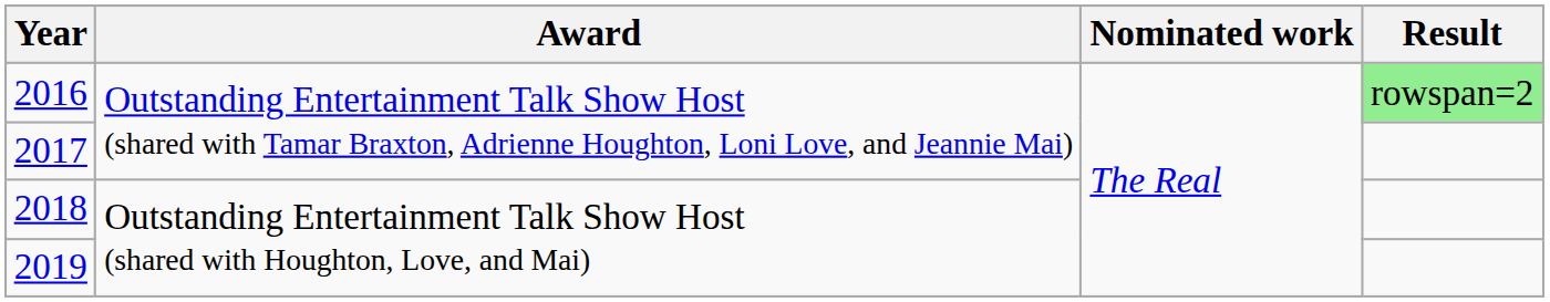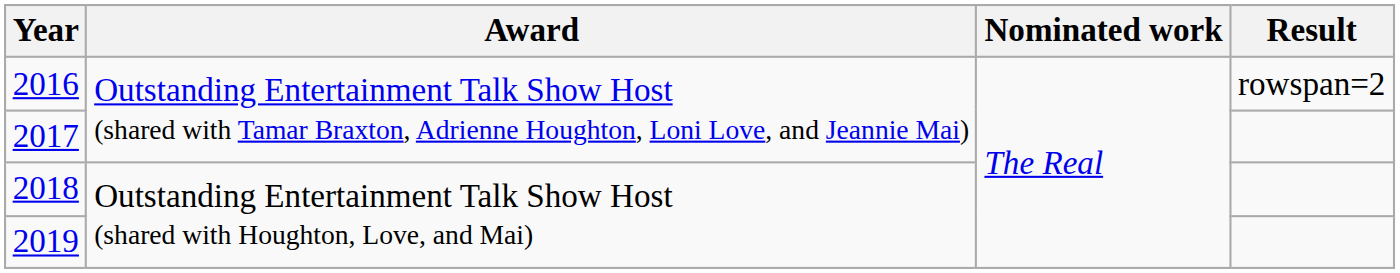 <table class="wikitable">
 <tr>
 <th>Year</th>
 <th>Award</th>
 <th>Nominated work</th>
 <th>Result</th>
 </tr>
 <tr>
 <td><a href='#'>2016</a></td>
 <td rowspan=2><a href='#'>Outstanding Entertainment Talk Show Host</a><br><small>(shared with <a href='#'>Tamar Braxton</a>, <a href='#'>Adrienne Houghton</a>, <a href='#'>Loni Love</a>, and <a href='#'>Jeannie Mai</a>)</small></td>
 <td rowspan=4><em><a href='#'>The Real</a></em></td>
-<td style="background: lightgreen;">rowspan=2 </td>
+<td>rowspan=2 </td>
 </tr>
 <tr>
 <td><a href='#'>2017</a></td>
 </tr>
 <tr>
 <td><a href='#'>2018</a></td>
 <td rowspan=2>Outstanding Entertainment Talk Show Host<br><small>(shared with Houghton, Love, and Mai)</small></td>
 <td></td>
 </tr>
 <tr>
 <td><a href='#'>2019</a></td>
 <td></td>
 </tr>
 </table>
